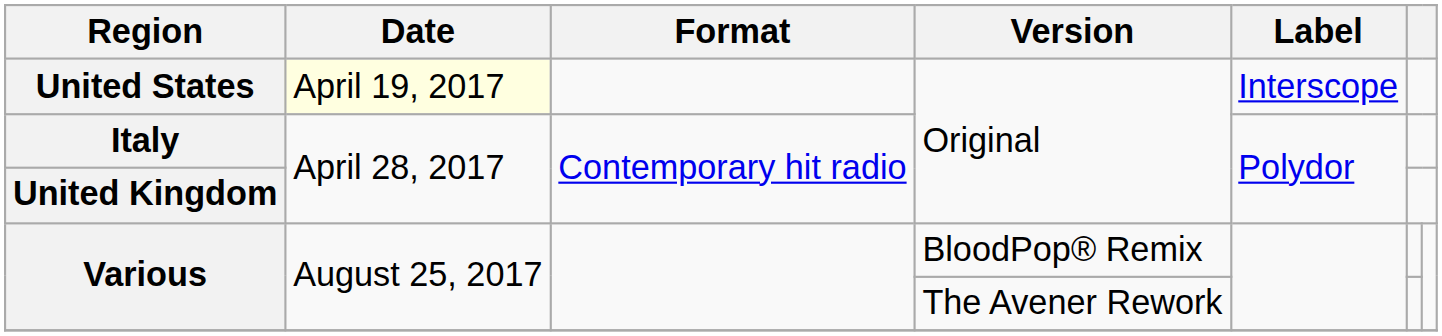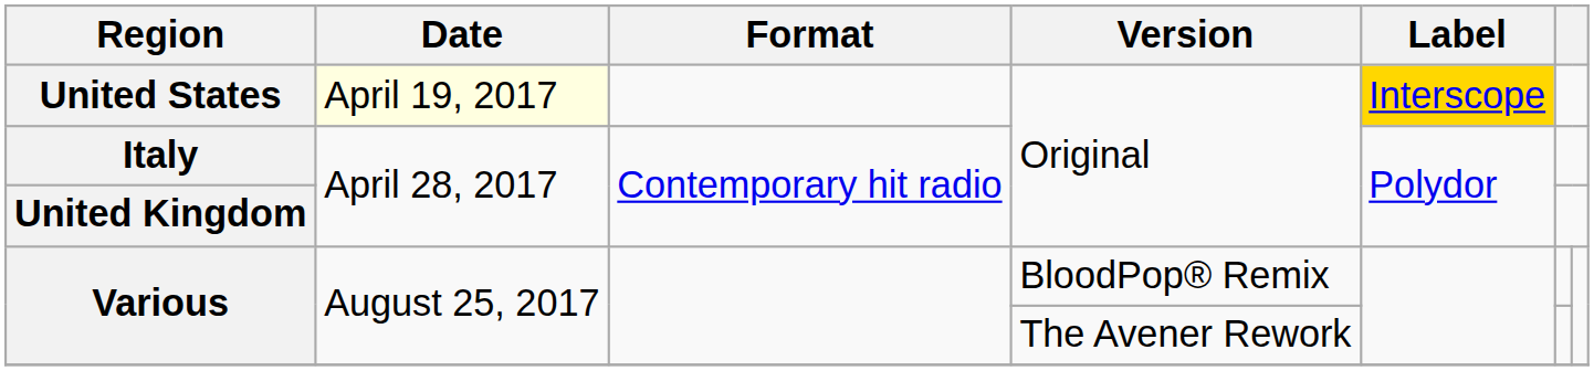 <table class="wikitable plainrowheaders">
 <tr>
 <th scope="col">Region</th>
 <th scope="col">Date</th>
 <th scope="col">Format</th>
 <th scope="col">Version</th>
 <th scope="col">Label</th>
 <th scope="col" colspan="2"></th>
 </tr>
 <tr>
 <th scope="row">United States</th>
 <td style="background: lightyellow;">April 19, 2017</td>
 <td></td>
 <td rowspan="3">Original</td>
-<td><a href='#'>Interscope</a></td>
+<td style="background: gold;"><a href='#'>Interscope</a></td>
 <td colspan="2"></td>
 </tr>
 <tr>
 <th scope="row">Italy</th>
 <td rowspan="2">April 28, 2017</td>
 <td rowspan="2"><a href='#'>Contemporary hit radio</a></td>
 <td rowspan="2"><a href='#'>Polydor</a></td>
 <td colspan="2"></td>
 </tr>
 <tr>
 <th scope="row">United Kingdom</th>
 <td colspan="2"></td>
 </tr>
 <tr>
 <th scope="row" rowspan="2">Various</th>
 <td rowspan="2">August 25, 2017</td>
 <td rowspan="2"></td>
 <td>BloodPop® Remix</td>
 <td rowspan="2"></td>
 <td></td>
 <td rowspan="2"></td>
 </tr>
 <tr>
 <td>The Avener Rework</td>
 <td></td>
 </tr>
 <tr>
 </tr>
 </table>
